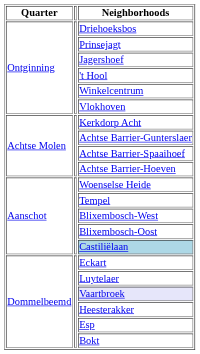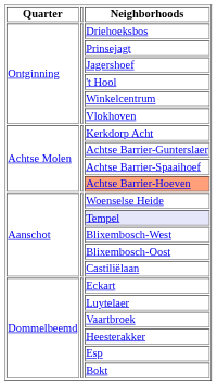 <table border=1>
 <tr>
 <th>Quarter</th>
 <th></th>
 <th>Neighborhoods</th>
 </tr>
 <tr>
 <td rowspan=6><a href='#'>Ontginning</a></td>
 <td rowspan=6></td>
 <td><a href='#'>Driehoeksbos</a></td>
 </tr>
 <tr>
 <td><a href='#'>Prinsejagt</a></td>
 </tr>
 <tr>
 <td><a href='#'>Jagershoef</a></td>
 </tr>
 <tr>
 <td><a href='#'>'t Hool</a></td>
 </tr>
 <tr>
 <td><a href='#'>Winkelcentrum</a></td>
 </tr>
 <tr>
 <td><a href='#'>Vlokhoven</a></td>
 </tr>
 <tr>
 <td rowspan=4><a href='#'>Achtse Molen</a></td>
 <td rowspan=4></td>
 <td><a href='#'>Kerkdorp Acht</a></td>
 </tr>
 <tr>
 <td><a href='#'>Achtse Barrier-Gunterslaer</a></td>
 </tr>
 <tr>
 <td><a href='#'>Achtse Barrier-Spaaihoef</a></td>
 </tr>
 <tr>
-<td><a href='#'>Achtse Barrier-Hoeven</a></td>
+<td style="background: lightsalmon;"><a href='#'>Achtse Barrier-Hoeven</a></td>
 </tr>
 <tr>
 <td rowspan=5><a href='#'>Aanschot</a></td>
 <td rowspan=5></td>
 <td><a href='#'>Woenselse Heide</a></td>
 </tr>
 <tr>
-<td><a href='#'>Tempel</a></td>
+<td style="background: lavender;"><a href='#'>Tempel</a></td>
 </tr>
 <tr>
 <td><a href='#'>Blixembosch-West</a></td>
 </tr>
 <tr>
 <td><a href='#'>Blixembosch-Oost</a></td>
 </tr>
 <tr>
-<td style="background: lightblue;"><a href='#'>Castiliëlaan</a></td>
+<td><a href='#'>Castiliëlaan</a></td>
 </tr>
 <tr>
 <td rowspan=6><a href='#'>Dommelbeemd</a></td>
 <td rowspan=6></td>
 <td><a href='#'>Eckart</a></td>
 </tr>
 <tr>
 <td><a href='#'>Luytelaer</a></td>
 </tr>
 <tr>
-<td style="background: lavender;"><a href='#'>Vaartbroek</a></td>
+<td><a href='#'>Vaartbroek</a></td>
 </tr>
 <tr>
 <td><a href='#'>Heesterakker</a></td>
 </tr>
 <tr>
 <td><a href='#'>Esp</a></td>
 </tr>
 <tr>
 <td><a href='#'>Bokt</a></td>
 </tr>
 </table>
